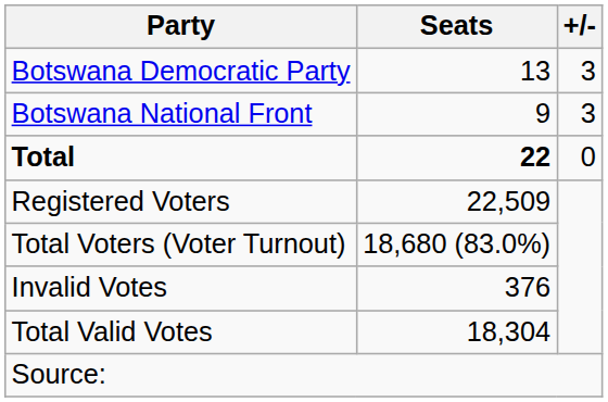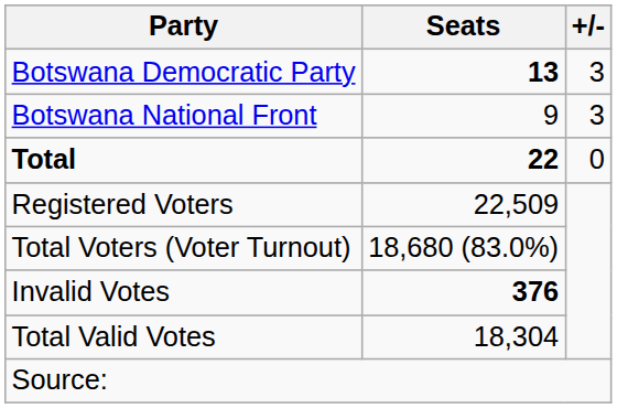 <table class=wikitable style=text-align:right>
 <tr>
 <th>Party</th>
 <th>Seats</th>
 <th>+/-</th>
 </tr>
 <tr>
 <td align=left><a href='#'>Botswana Democratic Party</a></td>
-<td>13</td>
+<td><strong>13</strong></td>
 <td>3</td>
 </tr>
 <tr>
 <td align=left><a href='#'>Botswana National Front</a></td>
 <td>9</td>
 <td>3</td>
 </tr>
 <tr>
 <td align=left><strong>Total</strong></td>
 <td><strong>22</strong></td>
 <td>0</td>
 </tr>
 <tr>
 <td align=left>Registered Voters</td>
 <td>22,509</td>
 </tr>
 <tr>
 <td align=left>Total Voters (Voter Turnout)</td>
 <td>18,680 (83.0%)</td>
 </tr>
 <tr>
 <td align=left>Invalid Votes</td>
-<td>376</td>
+<td><strong>376</strong></td>
 </tr>
 <tr>
 <td align=left>Total Valid Votes</td>
 <td>18,304</td>
 </tr>
 <tr>
 <td colspan=4 align=left>Source: </td>
 </tr>
 </table>
